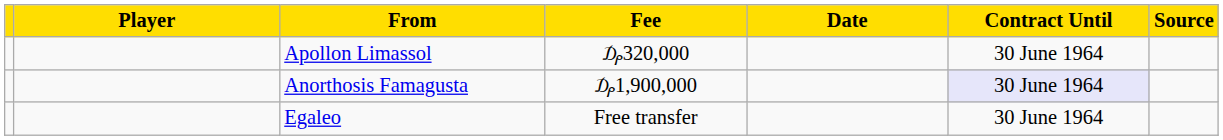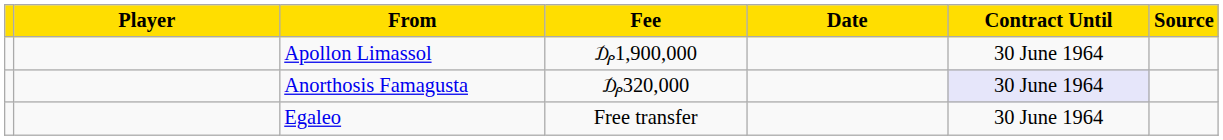 <table class="wikitable sortable">
 <tr>
 <th style="background:#FFDE00"></th>
 <th width=200 style="background:#FFDE00">Player</th>
 <th width=200 style="background:#FFDE00">From</th>
 <th width=150 style="background:#FFDE00">Fee</th>
 <th width=150 style="background:#FFDE00">Date</th>
 <th width=150 style="background:#FFDE00">Contract Until</th>
 <th style="background:#FFDE00">Source</th>
 </tr>
 <tr>
 <td align=center></td>
 <td></td>
 <td> <a href='#'>Apollon Limassol</a></td>
-<td align=center>₯320,000</td>
+<td align=center>₯1,900,000</td>
 <td align=center></td>
 <td align=center>30 June 1964</td>
 <td align=center></td>
 </tr>
 <tr>
 <td align=center></td>
 <td></td>
 <td> <a href='#'>Anorthosis Famagusta</a></td>
-<td align=center>₯1,900,000</td>
+<td align=center>₯320,000</td>
 <td align=center></td>
 <td align=center style="background: lavender;">30 June 1964</td>
 <td align=center></td>
 </tr>
 <tr>
 <td align=center></td>
 <td></td>
 <td> <a href='#'>Egaleo</a></td>
 <td align=center>Free transfer</td>
 <td align=center></td>
 <td align=center>30 June 1964</td>
 <td align=center></td>
 </tr>
 </table>
